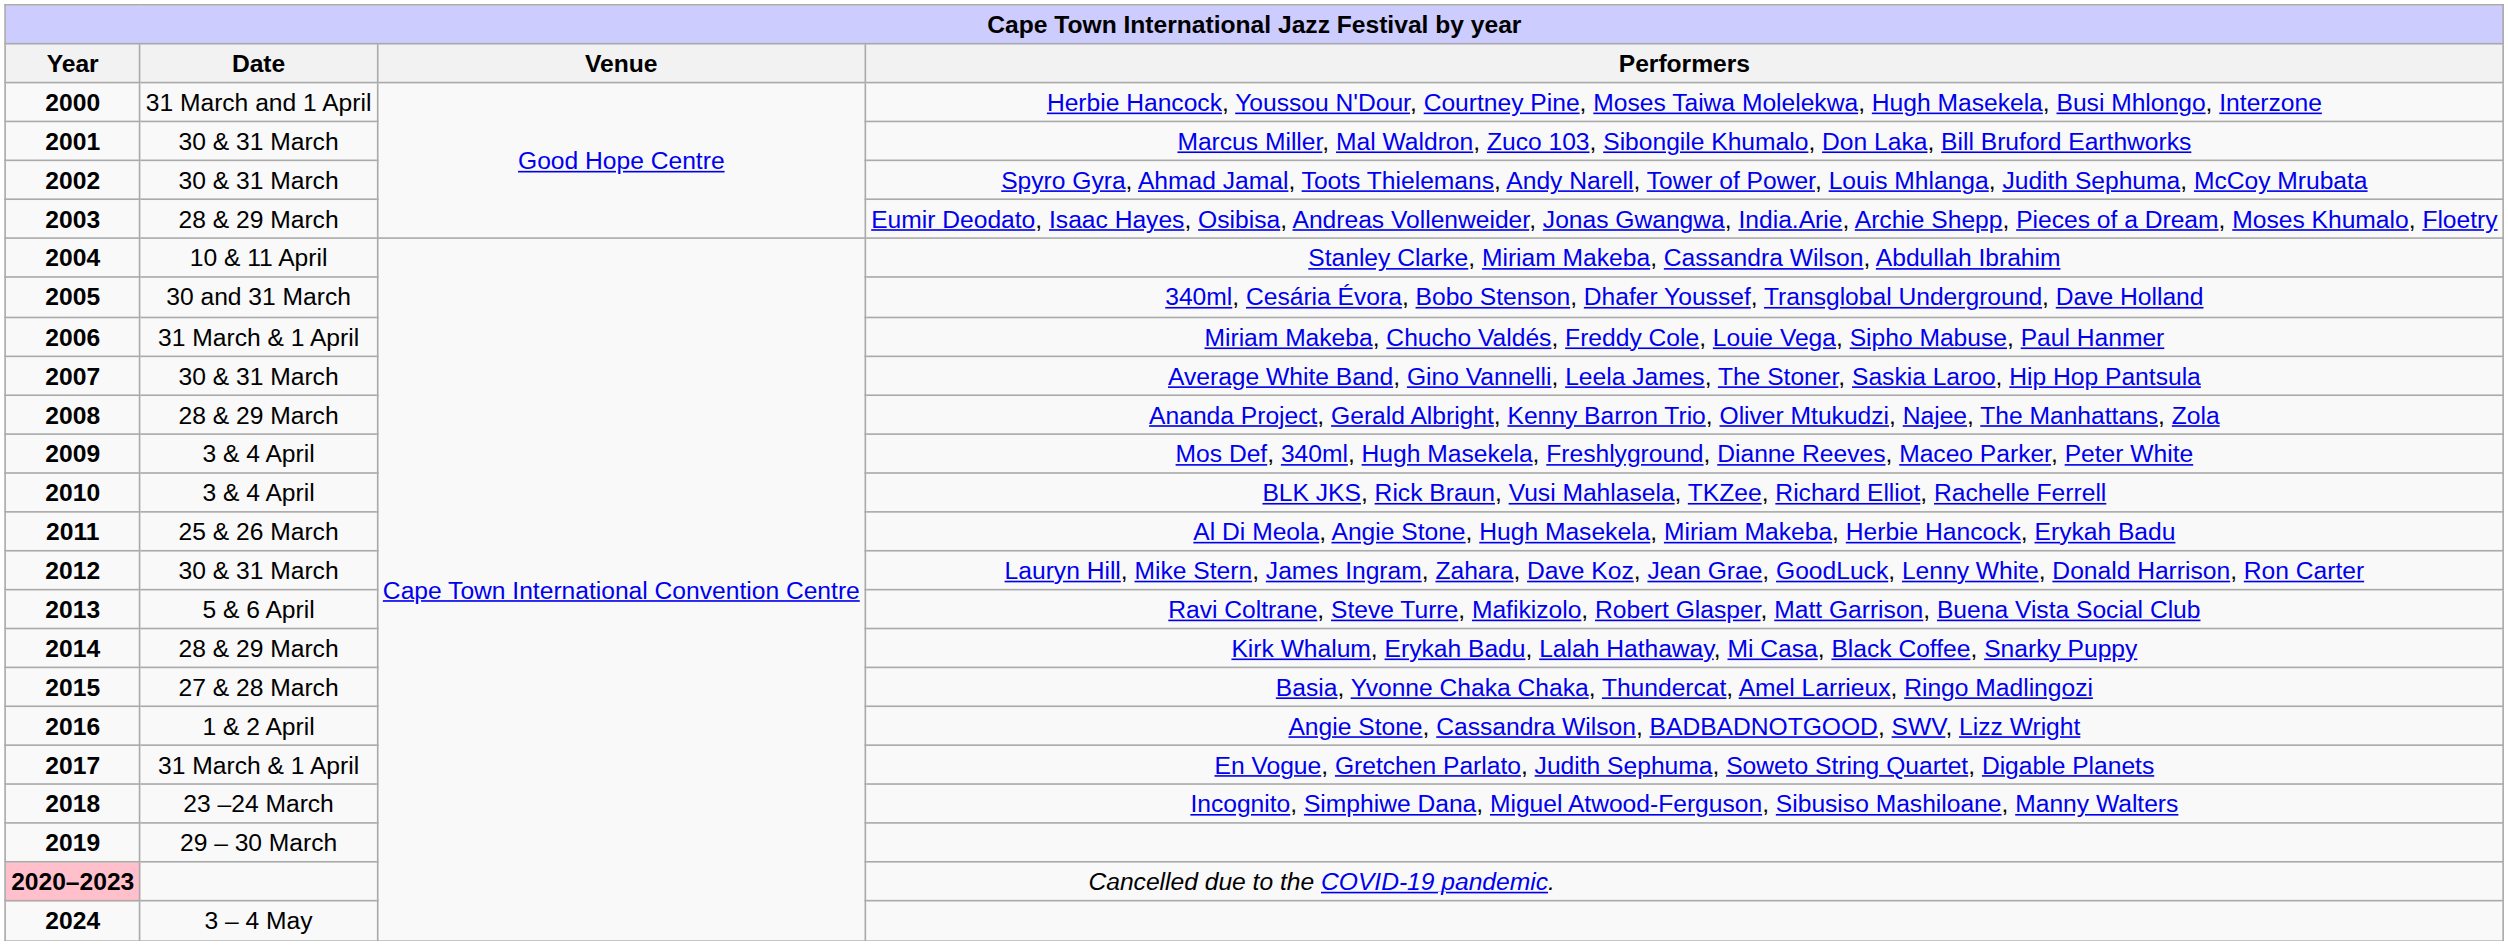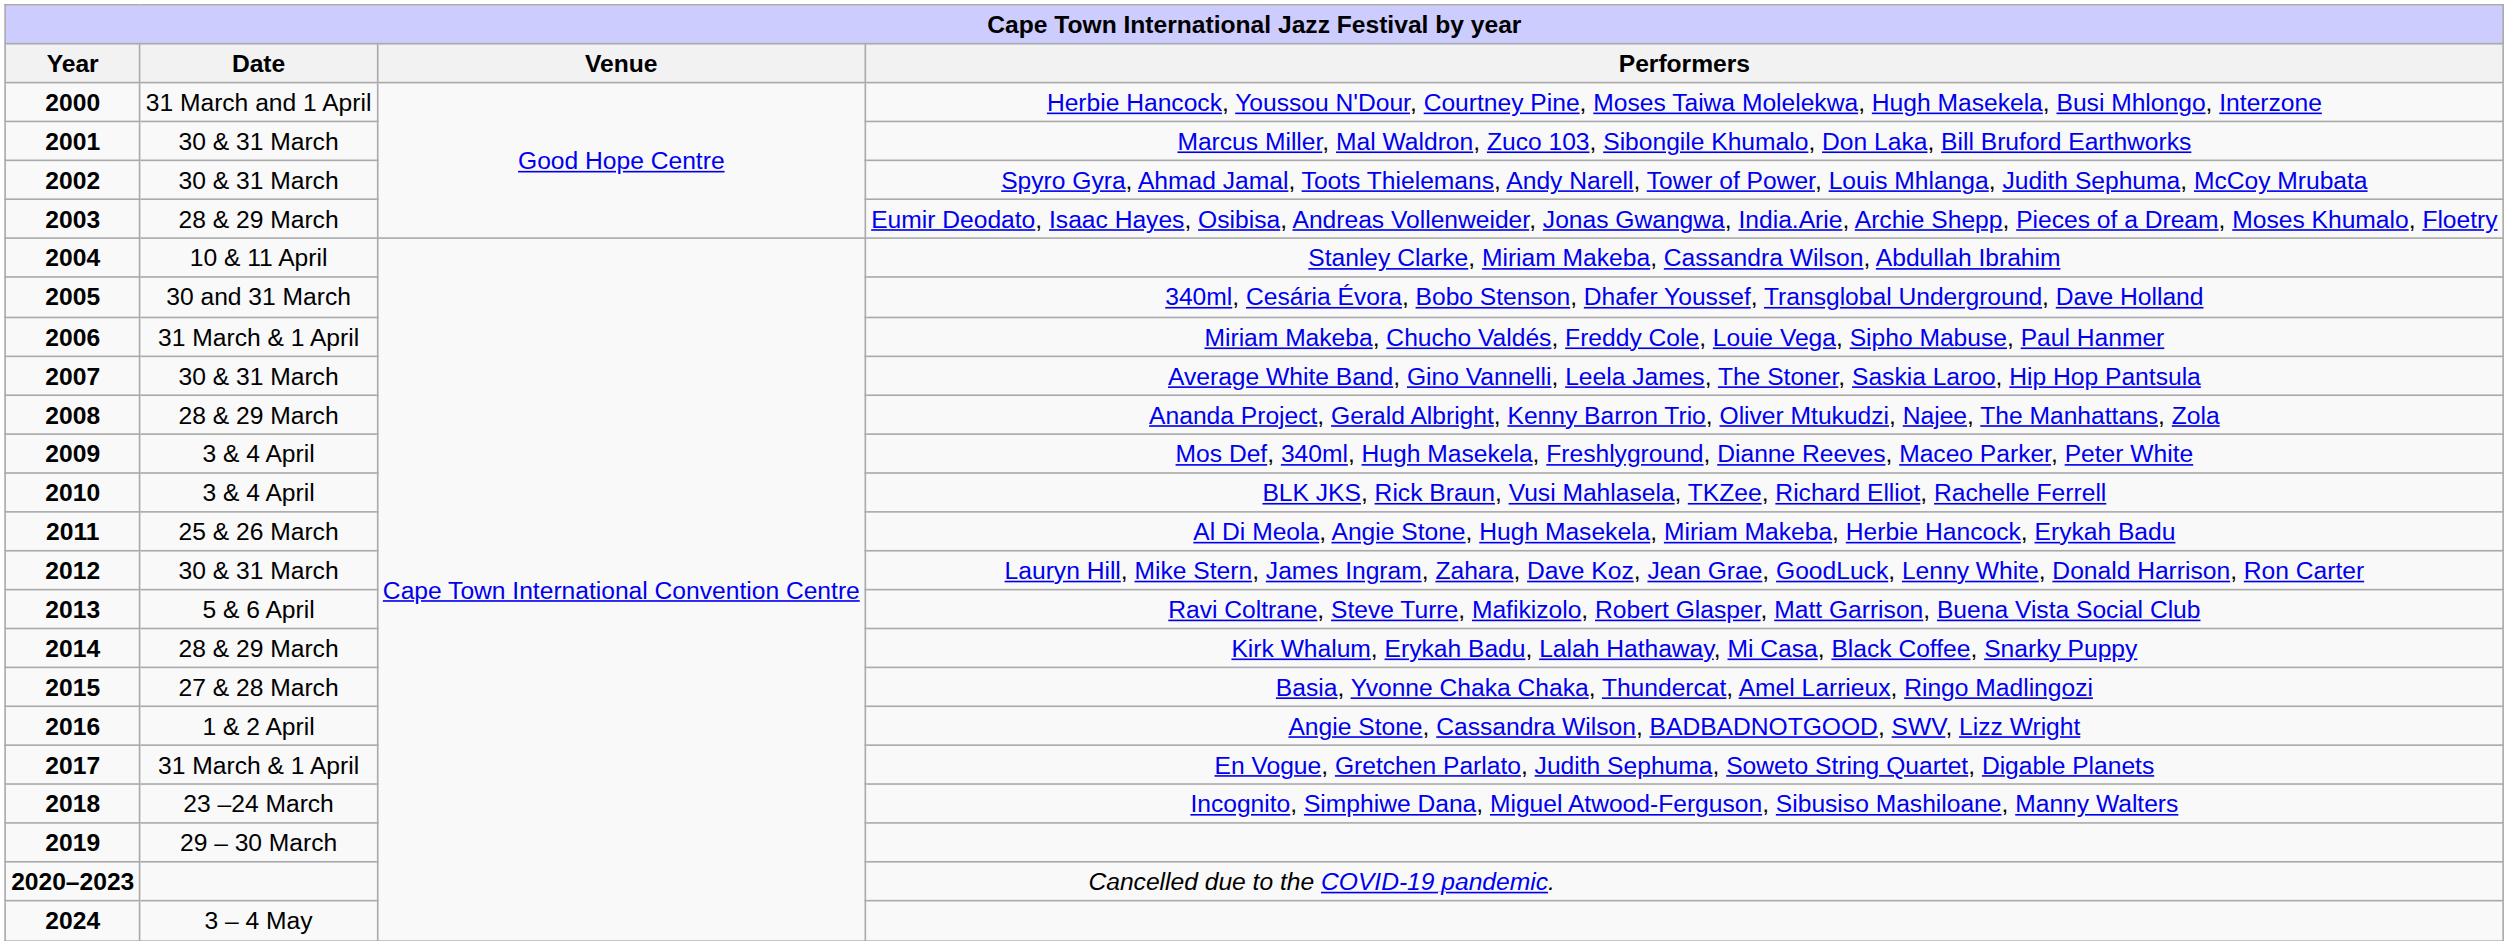 <table class="wikitable"  style="margin:auto; margin:0 0 1.0em 1.0em; text-align:center; font-size:95%;">
 <tr>
 <th colspan="5" style="background:#ccf;">Cape Town International Jazz Festival by year</th>
 </tr>
 <tr>
 <th>Year</th>
 <th>Date</th>
 <th>Venue</th>
 <th>Performers</th>
 </tr>
 <tr>
 <td><strong>2000</strong></td>
 <td>31 March and 1 April</td>
 <td rowspan=4><a href='#'>Good Hope Centre</a></td>
 <td><a href='#'>Herbie Hancock</a>, <a href='#'>Youssou N'Dour</a>, <a href='#'>Courtney Pine</a>, <a href='#'>Moses Taiwa Molelekwa</a>, <a href='#'>Hugh Masekela</a>, <a href='#'>Busi Mhlongo</a>, <a href='#'>Interzone</a></td>
 </tr>
 <tr>
 <td><strong>2001</strong></td>
 <td>30 & 31 March</td>
 <td><a href='#'>Marcus Miller</a>, <a href='#'>Mal Waldron</a>, <a href='#'>Zuco 103</a>, <a href='#'>Sibongile Khumalo</a>, <a href='#'>Don Laka</a>, <a href='#'>Bill Bruford Earthworks</a></td>
 </tr>
 <tr>
 <td><strong>2002</strong></td>
 <td>30 & 31 March</td>
 <td><a href='#'>Spyro Gyra</a>, <a href='#'>Ahmad Jamal</a>, <a href='#'>Toots Thielemans</a>, <a href='#'>Andy Narell</a>, <a href='#'>Tower of Power</a>, <a href='#'>Louis Mhlanga</a>, <a href='#'>Judith Sephuma</a>, <a href='#'>McCoy Mrubata</a></td>
 </tr>
 <tr>
 <td><strong>2003</strong></td>
 <td>28 & 29 March</td>
 <td><a href='#'>Eumir Deodato</a>, <a href='#'>Isaac Hayes</a>, <a href='#'>Osibisa</a>, <a href='#'>Andreas Vollenweider</a>, <a href='#'>Jonas Gwangwa</a>, <a href='#'>India.Arie</a>, <a href='#'>Archie Shepp</a>, <a href='#'>Pieces of a Dream</a>, <a href='#'>Moses Khumalo</a>, <a href='#'>Floetry</a></td>
 </tr>
 <tr>
 <td><strong>2004</strong></td>
 <td>10 & 11 April</td>
 <td rowspan=18><a href='#'>Cape Town International Convention Centre</a></td>
 <td><a href='#'>Stanley Clarke</a>, <a href='#'>Miriam Makeba</a>, <a href='#'>Cassandra Wilson</a>, <a href='#'>Abdullah Ibrahim</a></td>
 </tr>
 <tr>
 <td><strong>2005</strong></td>
 <td>30 and 31 March</td>
 <td><a href='#'>340ml</a>, <a href='#'>Cesária Évora</a>, <a href='#'>Bobo Stenson</a>, <a href='#'>Dhafer Youssef</a>, <a href='#'>Transglobal Underground</a>, <a href='#'>Dave Holland</a></td>
 </tr>
 <tr>
 <td><strong>2006</strong></td>
 <td>31 March & 1 April</td>
 <td><a href='#'>Miriam Makeba</a>, <a href='#'>Chucho Valdés</a>, <a href='#'>Freddy Cole</a>, <a href='#'>Louie Vega</a>, <a href='#'>Sipho Mabuse</a>, <a href='#'>Paul Hanmer</a></td>
 </tr>
 <tr>
 <td><strong>2007</strong></td>
 <td>30 & 31 March</td>
 <td><a href='#'>Average White Band</a>, <a href='#'>Gino Vannelli</a>, <a href='#'>Leela James</a>, <a href='#'>The Stoner</a>, <a href='#'>Saskia Laroo</a>, <a href='#'>Hip Hop Pantsula</a></td>
 </tr>
 <tr>
 <td><strong>2008</strong></td>
 <td>28 & 29 March</td>
 <td><a href='#'>Ananda Project</a>, <a href='#'>Gerald Albright</a>, <a href='#'>Kenny Barron Trio</a>, <a href='#'>Oliver Mtukudzi</a>, <a href='#'>Najee</a>, <a href='#'>The Manhattans</a>, <a href='#'>Zola</a></td>
 </tr>
 <tr>
 <td><strong>2009</strong></td>
 <td>3 & 4 April</td>
 <td><a href='#'>Mos Def</a>, <a href='#'>340ml</a>, <a href='#'>Hugh Masekela</a>, <a href='#'>Freshlyground</a>, <a href='#'>Dianne Reeves</a>, <a href='#'>Maceo Parker</a>, <a href='#'>Peter White</a></td>
 </tr>
 <tr>
 <td><strong>2010</strong></td>
 <td>3 & 4 April</td>
 <td><a href='#'>BLK JKS</a>, <a href='#'>Rick Braun</a>, <a href='#'>Vusi Mahlasela</a>, <a href='#'>TKZee</a>, <a href='#'>Richard Elliot</a>, <a href='#'>Rachelle Ferrell</a></td>
 </tr>
 <tr>
 <td><strong>2011</strong></td>
 <td>25 & 26 March</td>
 <td><a href='#'>Al Di Meola</a>, <a href='#'>Angie Stone</a>, <a href='#'>Hugh Masekela</a>, <a href='#'>Miriam Makeba</a>, <a href='#'>Herbie Hancock</a>, <a href='#'>Erykah Badu</a></td>
 </tr>
 <tr>
 <td><strong>2012</strong></td>
 <td>30 & 31 March</td>
 <td><a href='#'>Lauryn Hill</a>, <a href='#'>Mike Stern</a>, <a href='#'>James Ingram</a>, <a href='#'>Zahara</a>, <a href='#'>Dave Koz</a>, <a href='#'>Jean Grae</a>, <a href='#'>GoodLuck</a>, <a href='#'>Lenny White</a>, <a href='#'>Donald Harrison</a>, <a href='#'>Ron Carter</a></td>
 </tr>
 <tr>
 <td><strong>2013</strong></td>
 <td>5 & 6 April</td>
 <td><a href='#'>Ravi Coltrane</a>, <a href='#'>Steve Turre</a>, <a href='#'>Mafikizolo</a>, <a href='#'>Robert Glasper</a>, <a href='#'>Matt Garrison</a>, <a href='#'>Buena Vista Social Club</a></td>
 </tr>
 <tr>
 <td><strong>2014</strong></td>
 <td>28 & 29 March</td>
 <td><a href='#'>Kirk Whalum</a>, <a href='#'>Erykah Badu</a>, <a href='#'>Lalah Hathaway</a>, <a href='#'>Mi Casa</a>, <a href='#'>Black Coffee</a>, <a href='#'>Snarky Puppy</a></td>
 </tr>
 <tr>
 <td><strong>2015</strong></td>
 <td>27 & 28 March</td>
 <td><a href='#'>Basia</a>, <a href='#'>Yvonne Chaka Chaka</a>, <a href='#'>Thundercat</a>, <a href='#'>Amel Larrieux</a>, <a href='#'>Ringo Madlingozi</a></td>
 </tr>
 <tr>
 <td><strong>2016</strong></td>
 <td>1 & 2 April</td>
 <td><a href='#'>Angie Stone</a>, <a href='#'>Cassandra Wilson</a>, <a href='#'>BADBADNOTGOOD</a>, <a href='#'>SWV</a>, <a href='#'>Lizz Wright</a></td>
 </tr>
 <tr>
 <td><strong>2017</strong></td>
 <td>31 March & 1 April</td>
 <td><a href='#'>En Vogue</a>, <a href='#'>Gretchen Parlato</a>, <a href='#'>Judith Sephuma</a>, <a href='#'>Soweto String Quartet</a>, <a href='#'>Digable Planets</a></td>
 </tr>
 <tr>
 <td><strong>2018</strong></td>
 <td>23 –24 March</td>
 <td><a href='#'>Incognito</a>, <a href='#'>Simphiwe Dana</a>, <a href='#'>Miguel Atwood-Ferguson</a>, <a href='#'>Sibusiso Mashiloane</a>, <a href='#'>Manny Walters</a></td>
 </tr>
 <tr>
 <td><strong>2019</strong></td>
 <td>29 – 30 March</td>
 <td></td>
 </tr>
 <tr>
-<td style="background: pink;"><strong>2020–2023 </strong></td>
+<td><strong>2020–2023 </strong></td>
 <td colspan=3><em>Cancelled due to the <a href='#'>COVID-19 pandemic</a>.</em></td>
 </tr>
 <tr>
 <td><strong>2024</strong></td>
 <td>3 – 4 May</td>
 <td></td>
 </tr>
 </table>
